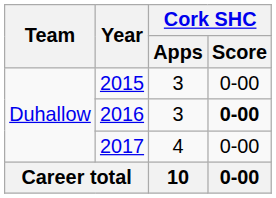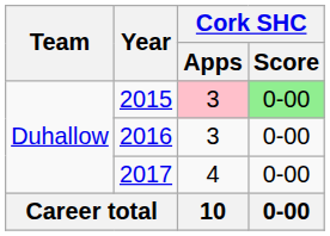 <table class="wikitable" style="text-align:center">
 <tr>
 <th rowspan="2">Team</th>
 <th rowspan="2">Year</th>
 <th colspan="2"><a href='#'>Cork SHC</a></th>
 </tr>
 <tr>
 <th>Apps</th>
 <th>Score</th>
 </tr>
 <tr>
 <td rowspan="3"><a href='#'>Duhallow</a></td>
 <td><a href='#'>2015</a></td>
-<td>3</td>
-<td>0-00</td>
+<td style="background: pink;">3</td>
+<td style="background: lightgreen;">0-00</td>
 </tr>
 <tr>
 <td><a href='#'>2016</a></td>
 <td>3</td>
-<td><strong>0-00</strong></td>
+<td>0-00</td>
 </tr>
 <tr>
 <td><a href='#'>2017</a></td>
 <td>4</td>
 <td>0-00</td>
 </tr>
 <tr>
 <th colspan="2">Career total</th>
 <th>10</th>
 <th>0-00</th>
 </tr>
 </table>
